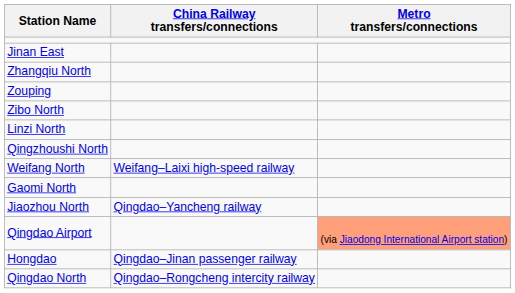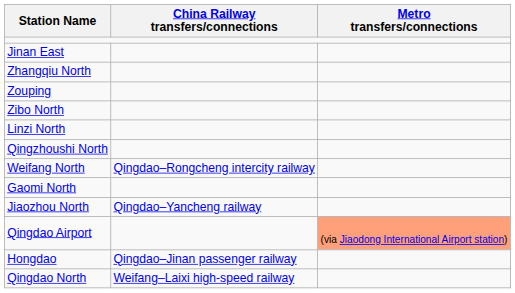 <table class="wikitable">
 <tr>
 <th>Station Name<br> </th>
 <th><a href='#'>China Railway</a><br>transfers/connections</th>
 <th><a href='#'>Metro</a><br>transfers/connections<br></th>
 </tr>
 <tr style="background:#">
 <td colspan = "11"></td>
 </tr>
 <tr>
 <td><a href='#'>Jinan East</a></td>
 <td></td>
 <td> </td>
 </tr>
 <tr>
 <td><a href='#'>Zhangqiu North</a></td>
 <td></td>
 <td></td>
 </tr>
 <tr>
 <td><a href='#'>Zouping</a></td>
 <td></td>
 <td></td>
 </tr>
 <tr>
 <td><a href='#'>Zibo North</a></td>
 <td></td>
 <td></td>
 </tr>
 <tr>
 <td><a href='#'>Linzi North</a></td>
 <td></td>
 <td></td>
 </tr>
 <tr>
 <td><a href='#'>Qingzhoushi North</a></td>
 <td></td>
 <td></td>
 </tr>
 <tr>
 <td><a href='#'>Weifang North</a></td>
-<td><a href='#'>Weifang–Laixi high-speed railway</a></td>
+<td><a href='#'>Qingdao–Rongcheng intercity railway</a></td>
 <td></td>
 </tr>
 <tr>
 <td><a href='#'>Gaomi North</a></td>
 <td></td>
 <td></td>
 </tr>
 <tr>
 <td><a href='#'>Jiaozhou North</a></td>
 <td><a href='#'>Qingdao–Yancheng railway</a></td>
 <td> </td>
 </tr>
 <tr>
 <td><a href='#'>Qingdao Airport</a></td>
 <td></td>
 <td style="background: lightsalmon;"> <br><small>(via <a href='#'>Jiaodong International Airport station</a>)</small></td>
 </tr>
 <tr>
 <td><a href='#'>Hongdao</a></td>
 <td><a href='#'>Qingdao–Jinan passenger railway</a></td>
 <td> </td>
 </tr>
 <tr>
 <td><a href='#'>Qingdao North</a></td>
-<td><a href='#'>Qingdao–Rongcheng intercity railway</a></td>
+<td><a href='#'>Weifang–Laixi high-speed railway</a></td>
 <td>   </td>
 </tr>
 </table>
